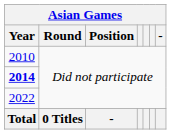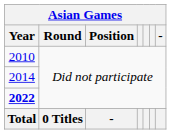 <table class="wikitable" style="text-align: center;">
 <tr>
 <th colspan=9><a href='#'>Asian Games</a></th>
 </tr>
 <tr>
 <th>Year</th>
 <th>Round</th>
 <th>Position</th>
 <th></th>
 <th></th>
 <th></th>
 <th>-</th>
 </tr>
 <tr>
 <td> <a href='#'>2010</a></td>
 <td rowspan=3 colspan=8><em>Did not participate</em></td>
 </tr>
 <tr>
-<td><strong> <a href='#'>2014</a></strong></td>
+<td> <a href='#'>2014</a></td>
 </tr>
 <tr>
-<td> <a href='#'>2022</a></td>
+<td><strong> <a href='#'>2022</a></strong></td>
 </tr>
 <tr>
 <th>Total</th>
 <th>0 Titles</th>
 <th>-</th>
 <th></th>
 <th></th>
 <th></th>
 <th></th>
 </tr>
 </table>
